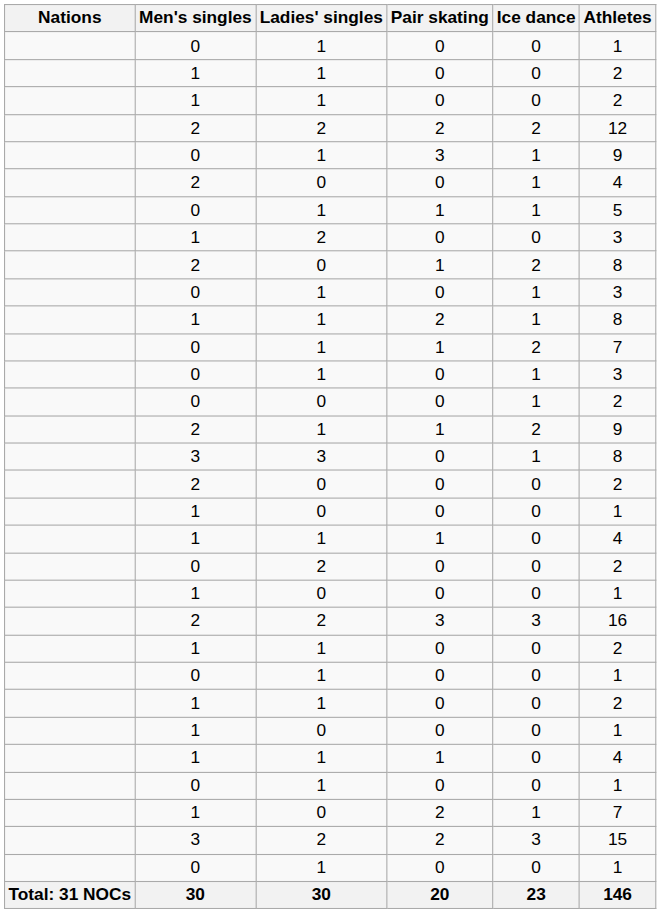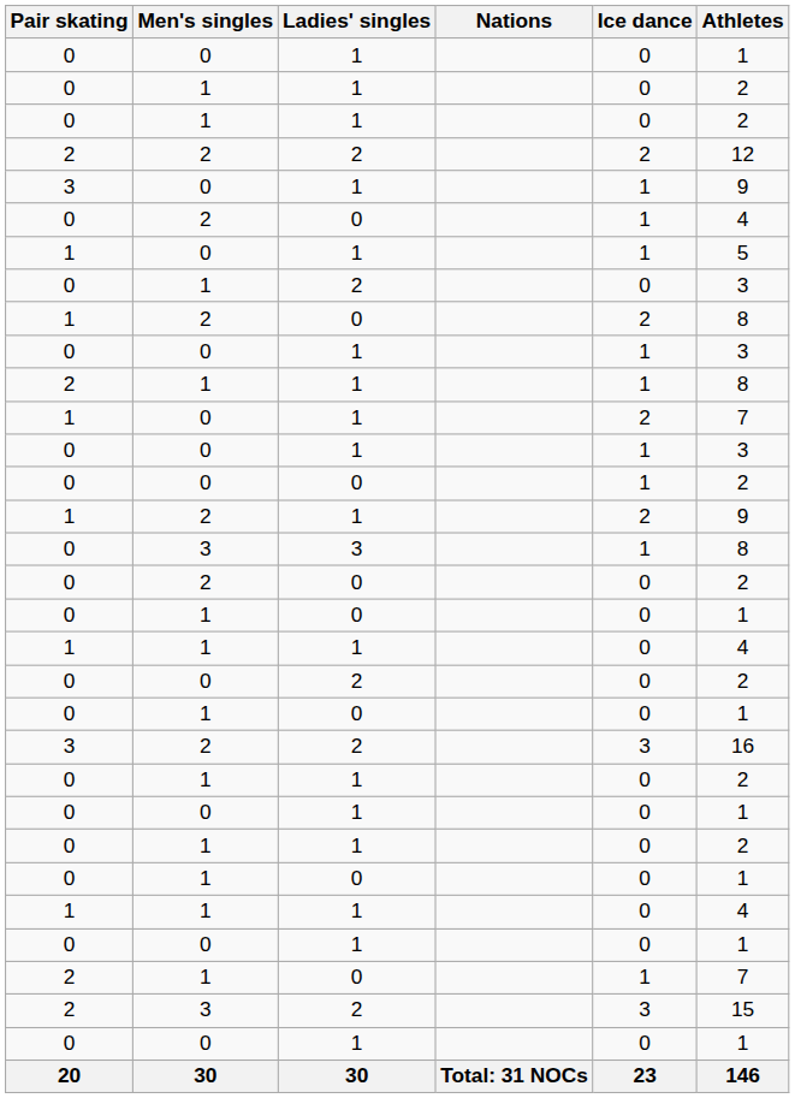 <table class="wikitable sortable" style="text-align:center;">
 <tr>
-<th>Nations</th>
+<th>Pair skating</th>
 <th>Men's singles</th>
 <th>Ladies' singles</th>
-<th>Pair skating</th>
+<th>Nations</th>
 <th>Ice dance</th>
 <th>Athletes</th>
 </tr>
 <tr>
-<td align="left"></td>
+<td>0</td>
 <td>0</td>
 <td>1</td>
-<td>0</td>
+<td align="left"></td>
 <td>0</td>
 <td>1</td>
 </tr>
 <tr>
-<td align="left"></td>
+<td>0</td>
 <td>1</td>
 <td>1</td>
-<td>0</td>
+<td align="left"></td>
 <td>0</td>
 <td>2</td>
 </tr>
 <tr>
-<td align="left"></td>
+<td>0</td>
 <td>1</td>
 <td>1</td>
-<td>0</td>
+<td align="left"></td>
 <td>0</td>
 <td>2</td>
 </tr>
 <tr>
-<td align="left"></td>
 <td>2</td>
 <td>2</td>
 <td>2</td>
+<td align="left"></td>
 <td>2</td>
 <td>12</td>
 </tr>
 <tr>
-<td align="left"></td>
+<td>3</td>
 <td>0</td>
 <td>1</td>
-<td>3</td>
+<td align="left"></td>
 <td>1</td>
 <td>9</td>
 </tr>
 <tr>
-<td align="left"></td>
+<td>0</td>
 <td>2</td>
 <td>0</td>
-<td>0</td>
+<td align="left"></td>
 <td>1</td>
 <td>4</td>
 </tr>
 <tr>
-<td align="left"></td>
+<td>1</td>
 <td>0</td>
 <td>1</td>
-<td>1</td>
+<td align="left"></td>
 <td>1</td>
 <td>5</td>
 </tr>
 <tr>
-<td align="left"></td>
+<td>0</td>
 <td>1</td>
 <td>2</td>
-<td>0</td>
+<td align="left"></td>
 <td>0</td>
 <td>3</td>
 </tr>
 <tr>
-<td align="left"></td>
+<td>1</td>
 <td>2</td>
 <td>0</td>
-<td>1</td>
+<td align="left"></td>
 <td>2</td>
 <td>8</td>
 </tr>
 <tr>
-<td align="left"></td>
+<td>0</td>
 <td>0</td>
 <td>1</td>
-<td>0</td>
+<td align="left"></td>
 <td>1</td>
 <td>3</td>
 </tr>
 <tr>
-<td align="left"></td>
+<td>2</td>
 <td>1</td>
 <td>1</td>
-<td>2</td>
+<td align="left"></td>
 <td>1</td>
 <td>8</td>
 </tr>
 <tr>
-<td align="left"></td>
+<td>1</td>
 <td>0</td>
 <td>1</td>
-<td>1</td>
+<td align="left"></td>
 <td>2</td>
 <td>7</td>
 </tr>
 <tr>
-<td align="left"></td>
+<td>0</td>
 <td>0</td>
 <td>1</td>
-<td>0</td>
+<td align="left"></td>
 <td>1</td>
 <td>3</td>
 </tr>
 <tr>
-<td align="left"></td>
 <td>0</td>
 <td>0</td>
 <td>0</td>
+<td align="left"></td>
 <td>1</td>
 <td>2</td>
 </tr>
 <tr>
-<td align="left"></td>
+<td>1</td>
 <td>2</td>
 <td>1</td>
-<td>1</td>
+<td align="left"></td>
 <td>2</td>
 <td>9</td>
 </tr>
 <tr>
-<td align="left"></td>
+<td>0</td>
 <td>3</td>
 <td>3</td>
-<td>0</td>
+<td align="left"></td>
 <td>1</td>
 <td>8</td>
 </tr>
 <tr>
-<td align="left"></td>
+<td>0</td>
 <td>2</td>
 <td>0</td>
-<td>0</td>
+<td align="left"></td>
 <td>0</td>
 <td>2</td>
 </tr>
 <tr>
-<td align="left"></td>
+<td>0</td>
 <td>1</td>
 <td>0</td>
-<td>0</td>
+<td align="left"></td>
 <td>0</td>
 <td>1</td>
 </tr>
 <tr>
-<td align="left"></td>
 <td>1</td>
 <td>1</td>
 <td>1</td>
+<td align="left"></td>
 <td>0</td>
 <td>4</td>
 </tr>
 <tr>
-<td align="left"></td>
+<td>0</td>
 <td>0</td>
 <td>2</td>
-<td>0</td>
+<td align="left"></td>
 <td>0</td>
 <td>2</td>
 </tr>
 <tr>
-<td align="left"></td>
+<td>0</td>
 <td>1</td>
 <td>0</td>
-<td>0</td>
+<td align="left"></td>
 <td>0</td>
 <td>1</td>
 </tr>
 <tr>
-<td align="left"></td>
+<td>3</td>
 <td>2</td>
 <td>2</td>
-<td>3</td>
+<td align="left"></td>
 <td>3</td>
 <td>16</td>
 </tr>
 <tr>
-<td align="left"></td>
+<td>0</td>
 <td>1</td>
 <td>1</td>
-<td>0</td>
+<td align="left"></td>
 <td>0</td>
 <td>2</td>
 </tr>
 <tr>
-<td align="left"></td>
+<td>0</td>
 <td>0</td>
 <td>1</td>
-<td>0</td>
+<td align="left"></td>
 <td>0</td>
 <td>1</td>
 </tr>
 <tr>
-<td align="left"></td>
+<td>0</td>
 <td>1</td>
 <td>1</td>
-<td>0</td>
+<td align="left"></td>
 <td>0</td>
 <td>2</td>
 </tr>
 <tr>
-<td align="left"></td>
+<td>0</td>
 <td>1</td>
 <td>0</td>
-<td>0</td>
+<td align="left"></td>
 <td>0</td>
 <td>1</td>
 </tr>
 <tr>
-<td align="left"></td>
 <td>1</td>
 <td>1</td>
 <td>1</td>
+<td align="left"></td>
 <td>0</td>
 <td>4</td>
 </tr>
 <tr>
-<td align="left"></td>
+<td>0</td>
 <td>0</td>
 <td>1</td>
-<td>0</td>
+<td align="left"></td>
 <td>0</td>
 <td>1</td>
 </tr>
 <tr>
-<td align="left"></td>
+<td>2</td>
 <td>1</td>
 <td>0</td>
-<td>2</td>
+<td align="left"></td>
 <td>1</td>
 <td>7</td>
 </tr>
 <tr>
-<td align="left"></td>
+<td>2</td>
 <td>3</td>
 <td>2</td>
-<td>2</td>
+<td align="left"></td>
 <td>3</td>
 <td>15</td>
 </tr>
 <tr>
-<td align="left"></td>
+<td>0</td>
 <td>0</td>
 <td>1</td>
-<td>0</td>
+<td align="left"></td>
 <td>0</td>
 <td>1</td>
 </tr>
 <tr class="sortbottom">
-<th>Total: 31 NOCs</th>
+<th>20</th>
 <th>30</th>
 <th>30</th>
-<th>20</th>
+<th>Total: 31 NOCs</th>
 <th>23</th>
 <th>146</th>
 </tr>
 </table>
